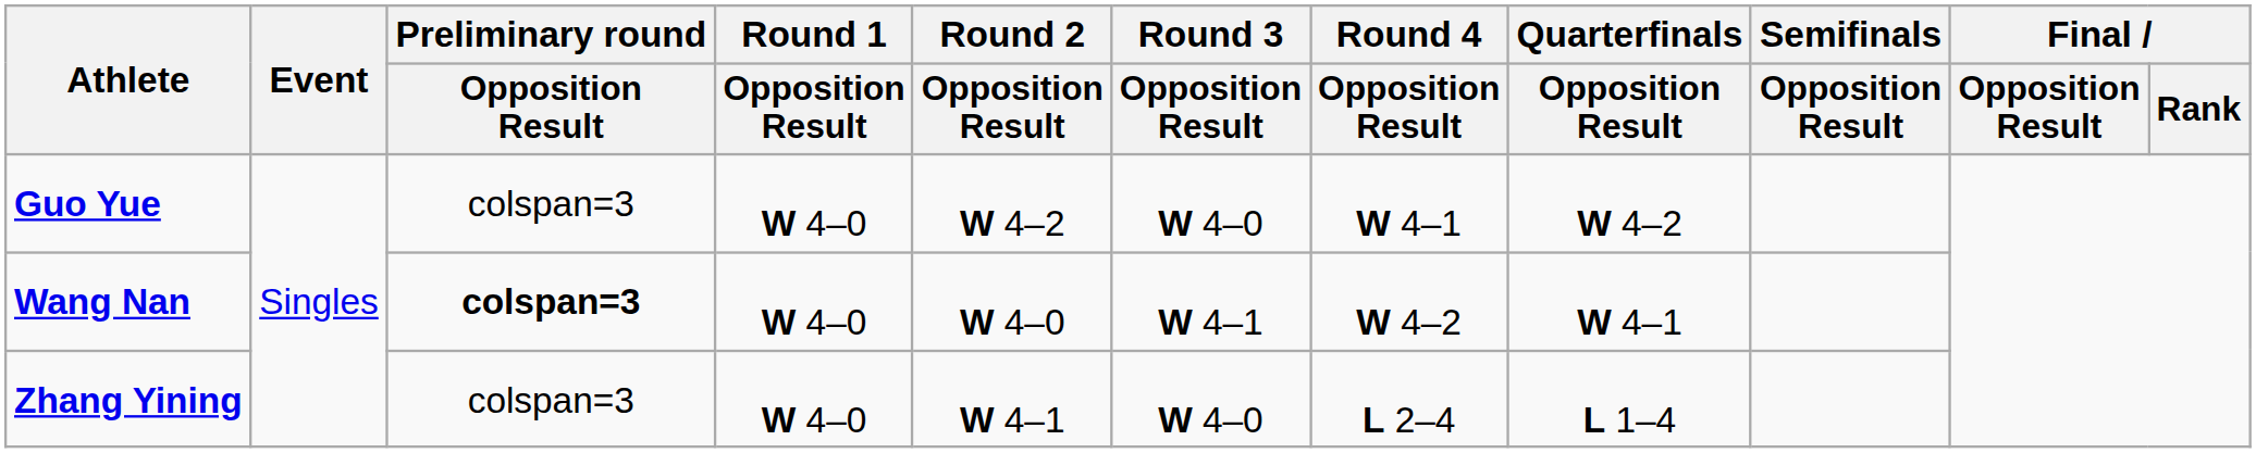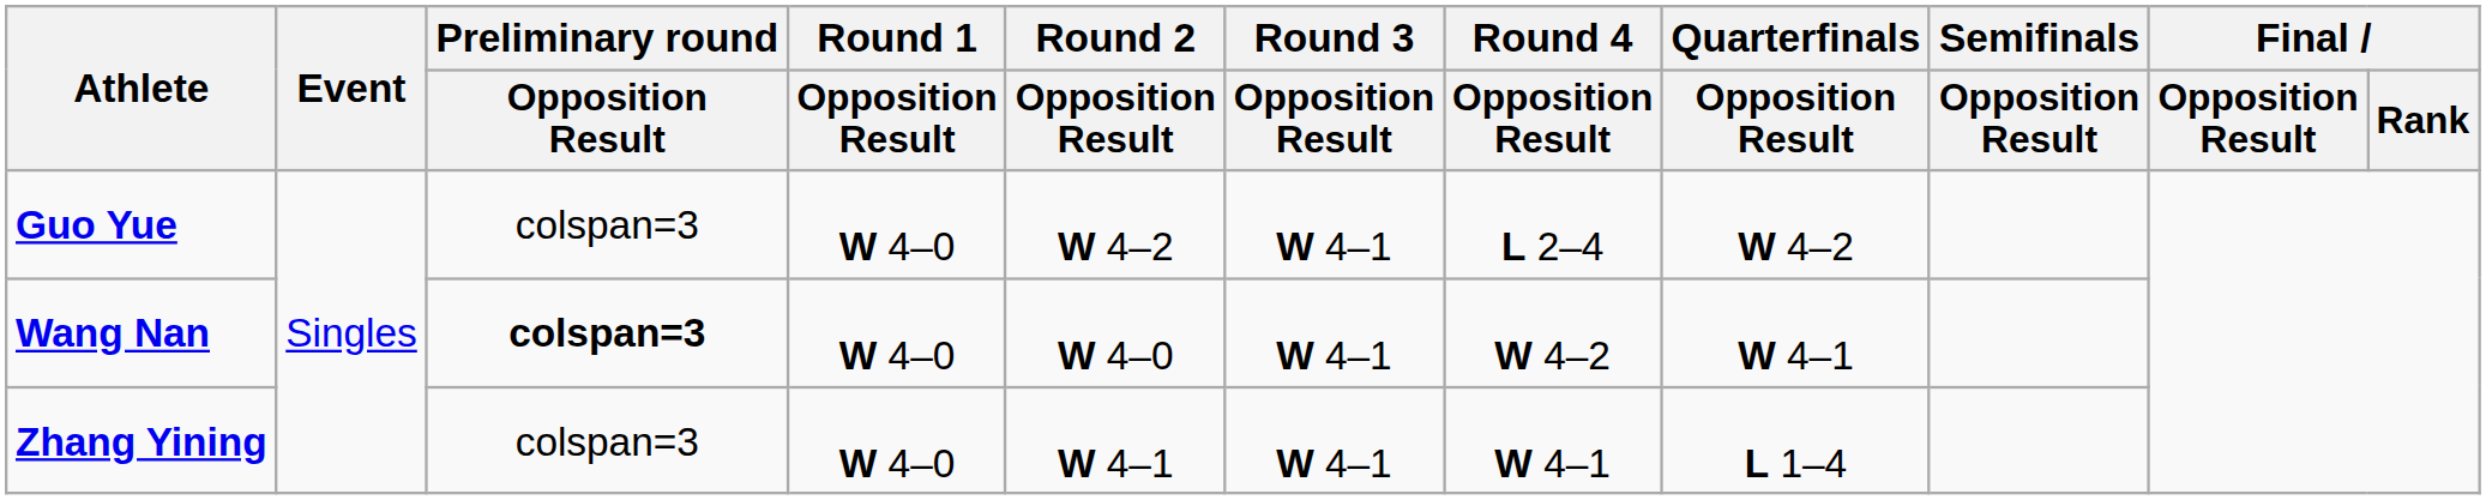 <table class="wikitable" style="font-size:90%">
 <tr>
 <th rowspan="2">Athlete</th>
 <th rowspan="2">Event</th>
 <th>Preliminary round</th>
 <th>Round 1</th>
 <th>Round 2</th>
 <th>Round 3</th>
 <th>Round 4</th>
 <th>Quarterfinals</th>
 <th>Semifinals</th>
 <th colspan=2>Final / </th>
 </tr>
 <tr style="font-size:95%">
 <th>Opposition<br>Result</th>
 <th>Opposition<br>Result</th>
 <th>Opposition<br>Result</th>
 <th>Opposition<br>Result</th>
 <th>Opposition<br>Result</th>
 <th>Opposition<br>Result</th>
 <th>Opposition<br>Result</th>
 <th>Opposition<br>Result</th>
 <th>Rank</th>
 </tr>
 <tr align=center>
 <td align=left><strong><a href='#'>Guo Yue</a></strong></td>
 <td align=left rowspan=3><a href='#'>Singles</a></td>
 <td>colspan=3 </td>
 <td><br><strong>W</strong> 4–0</td>
 <td><br><strong>W</strong> 4–2</td>
-<td><br><strong>W</strong> 4–0</td>
 <td><br><strong>W</strong> 4–1</td>
+<td><br><strong>L</strong> 2–4</td>
 <td><br><strong>W</strong> 4–2</td>
 <td></td>
 </tr>
 <tr align=center>
 <td align=left><strong><a href='#'>Wang Nan</a></strong></td>
 <td><strong>colspan=3 </strong></td>
 <td><br><strong>W</strong> 4–0</td>
 <td><br><strong>W</strong> 4–0</td>
 <td><br><strong>W</strong> 4–1</td>
 <td><br><strong>W</strong> 4–2</td>
 <td><br><strong>W</strong> 4–1</td>
 <td></td>
 </tr>
 <tr align=center>
 <td align=left><strong><a href='#'>Zhang Yining</a></strong></td>
 <td>colspan=3 </td>
 <td><br><strong>W</strong> 4–0</td>
 <td><br><strong>W</strong> 4–1</td>
-<td><br><strong>W</strong> 4–0</td>
-<td><br><strong>L</strong> 2–4</td>
+<td><br><strong>W</strong> 4–1</td>
+<td><br><strong>W</strong> 4–1</td>
 <td><br><strong>L</strong> 1–4</td>
 <td></td>
 </tr>
 </table>
